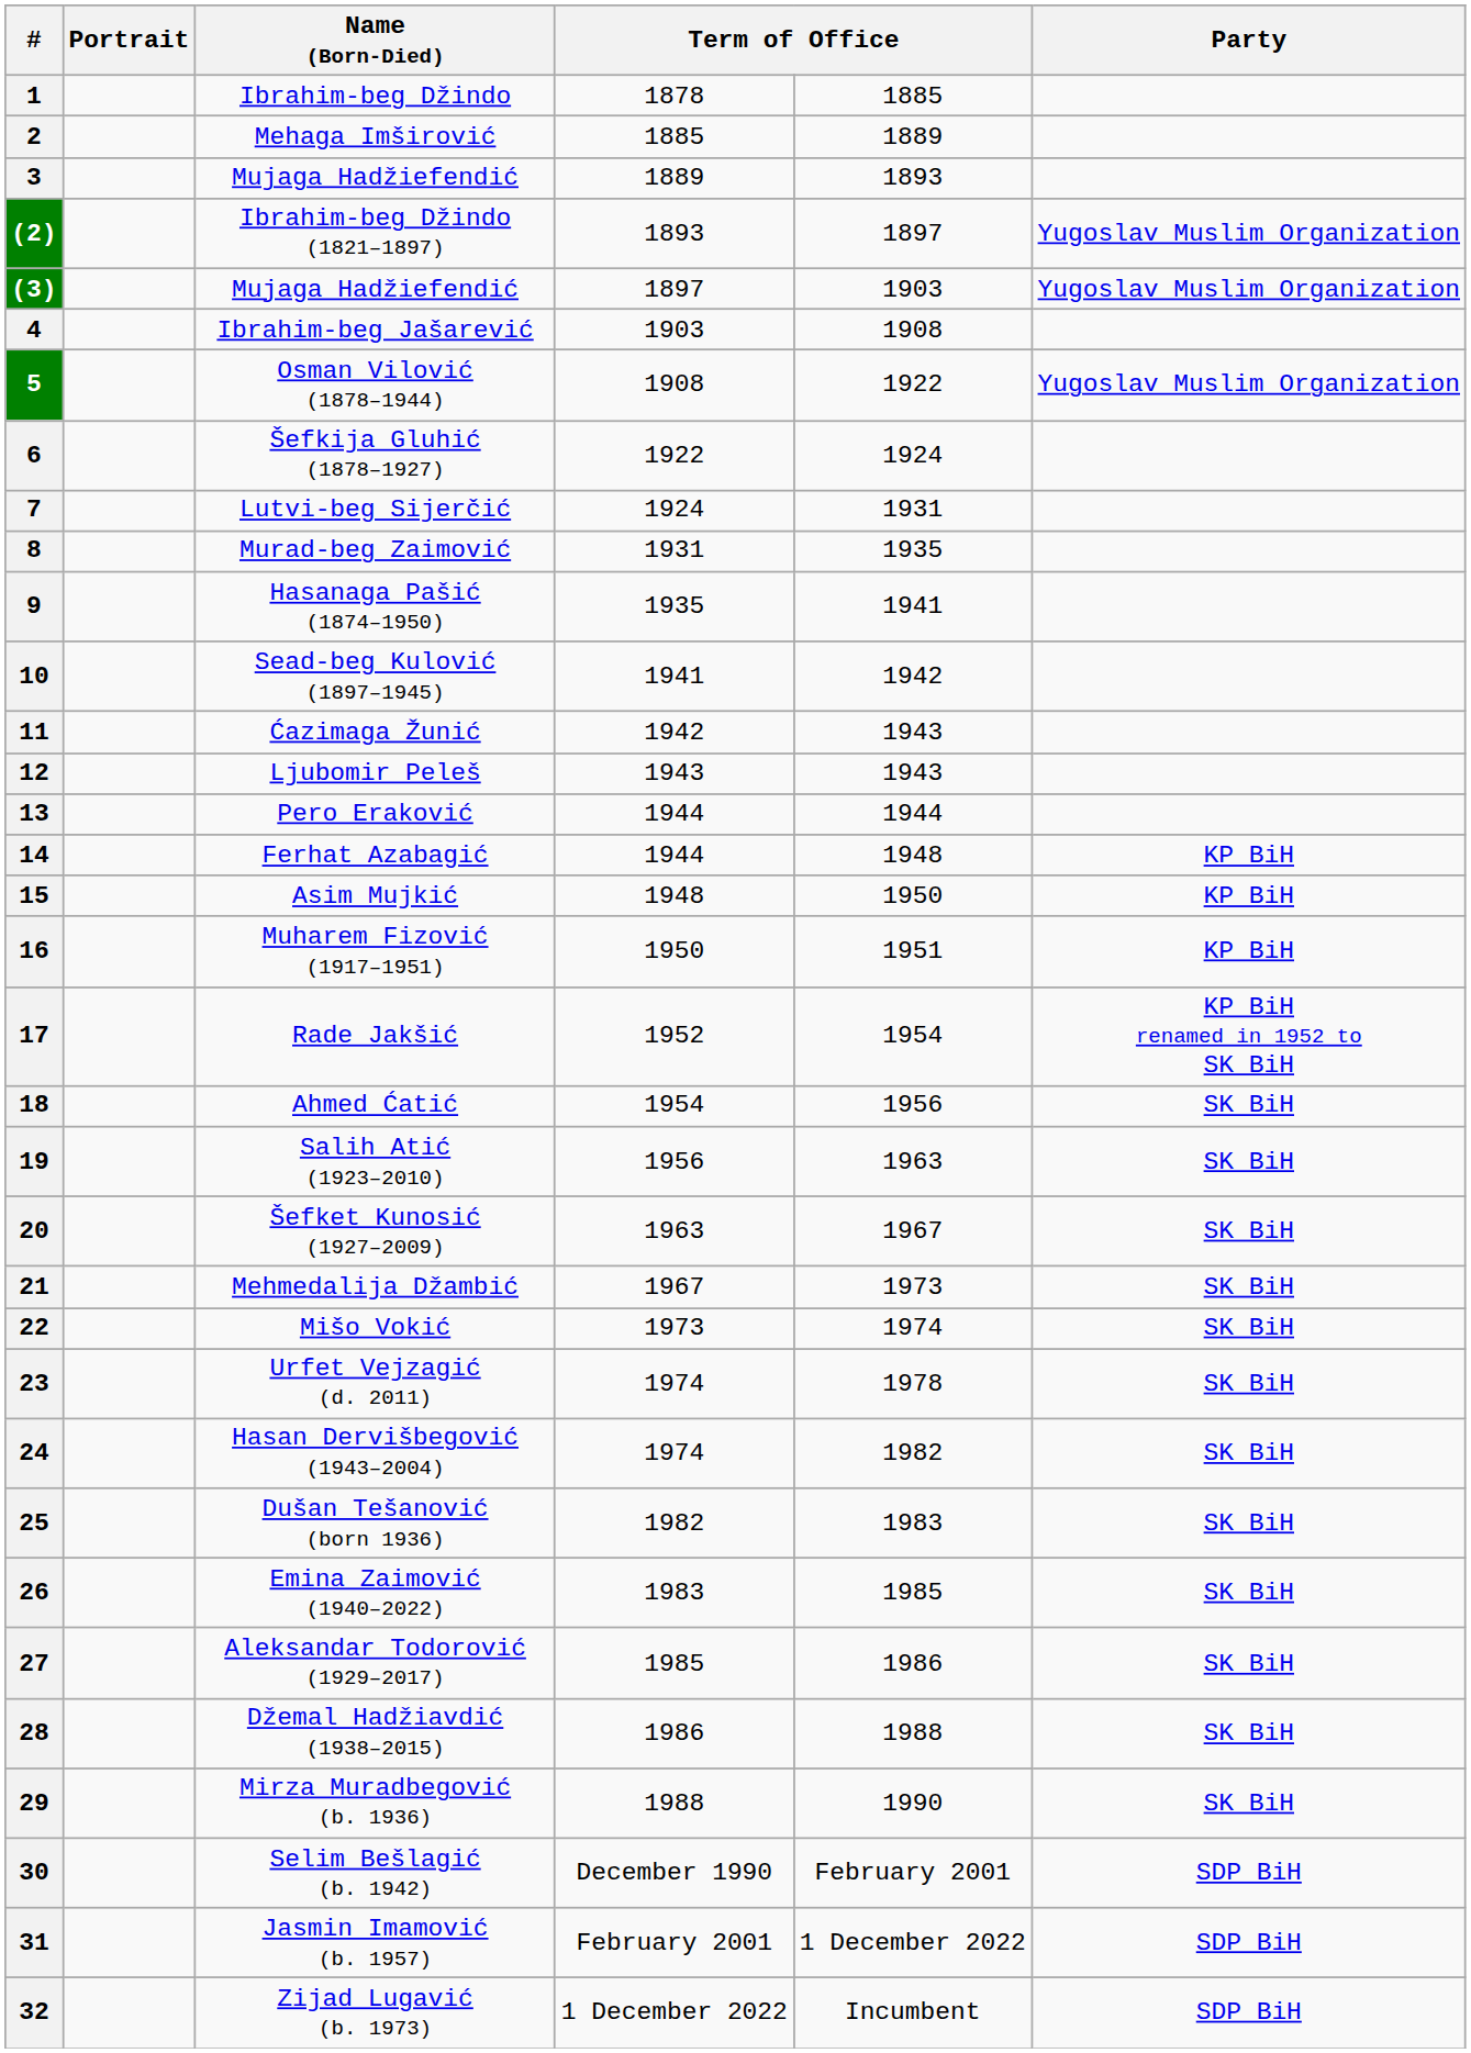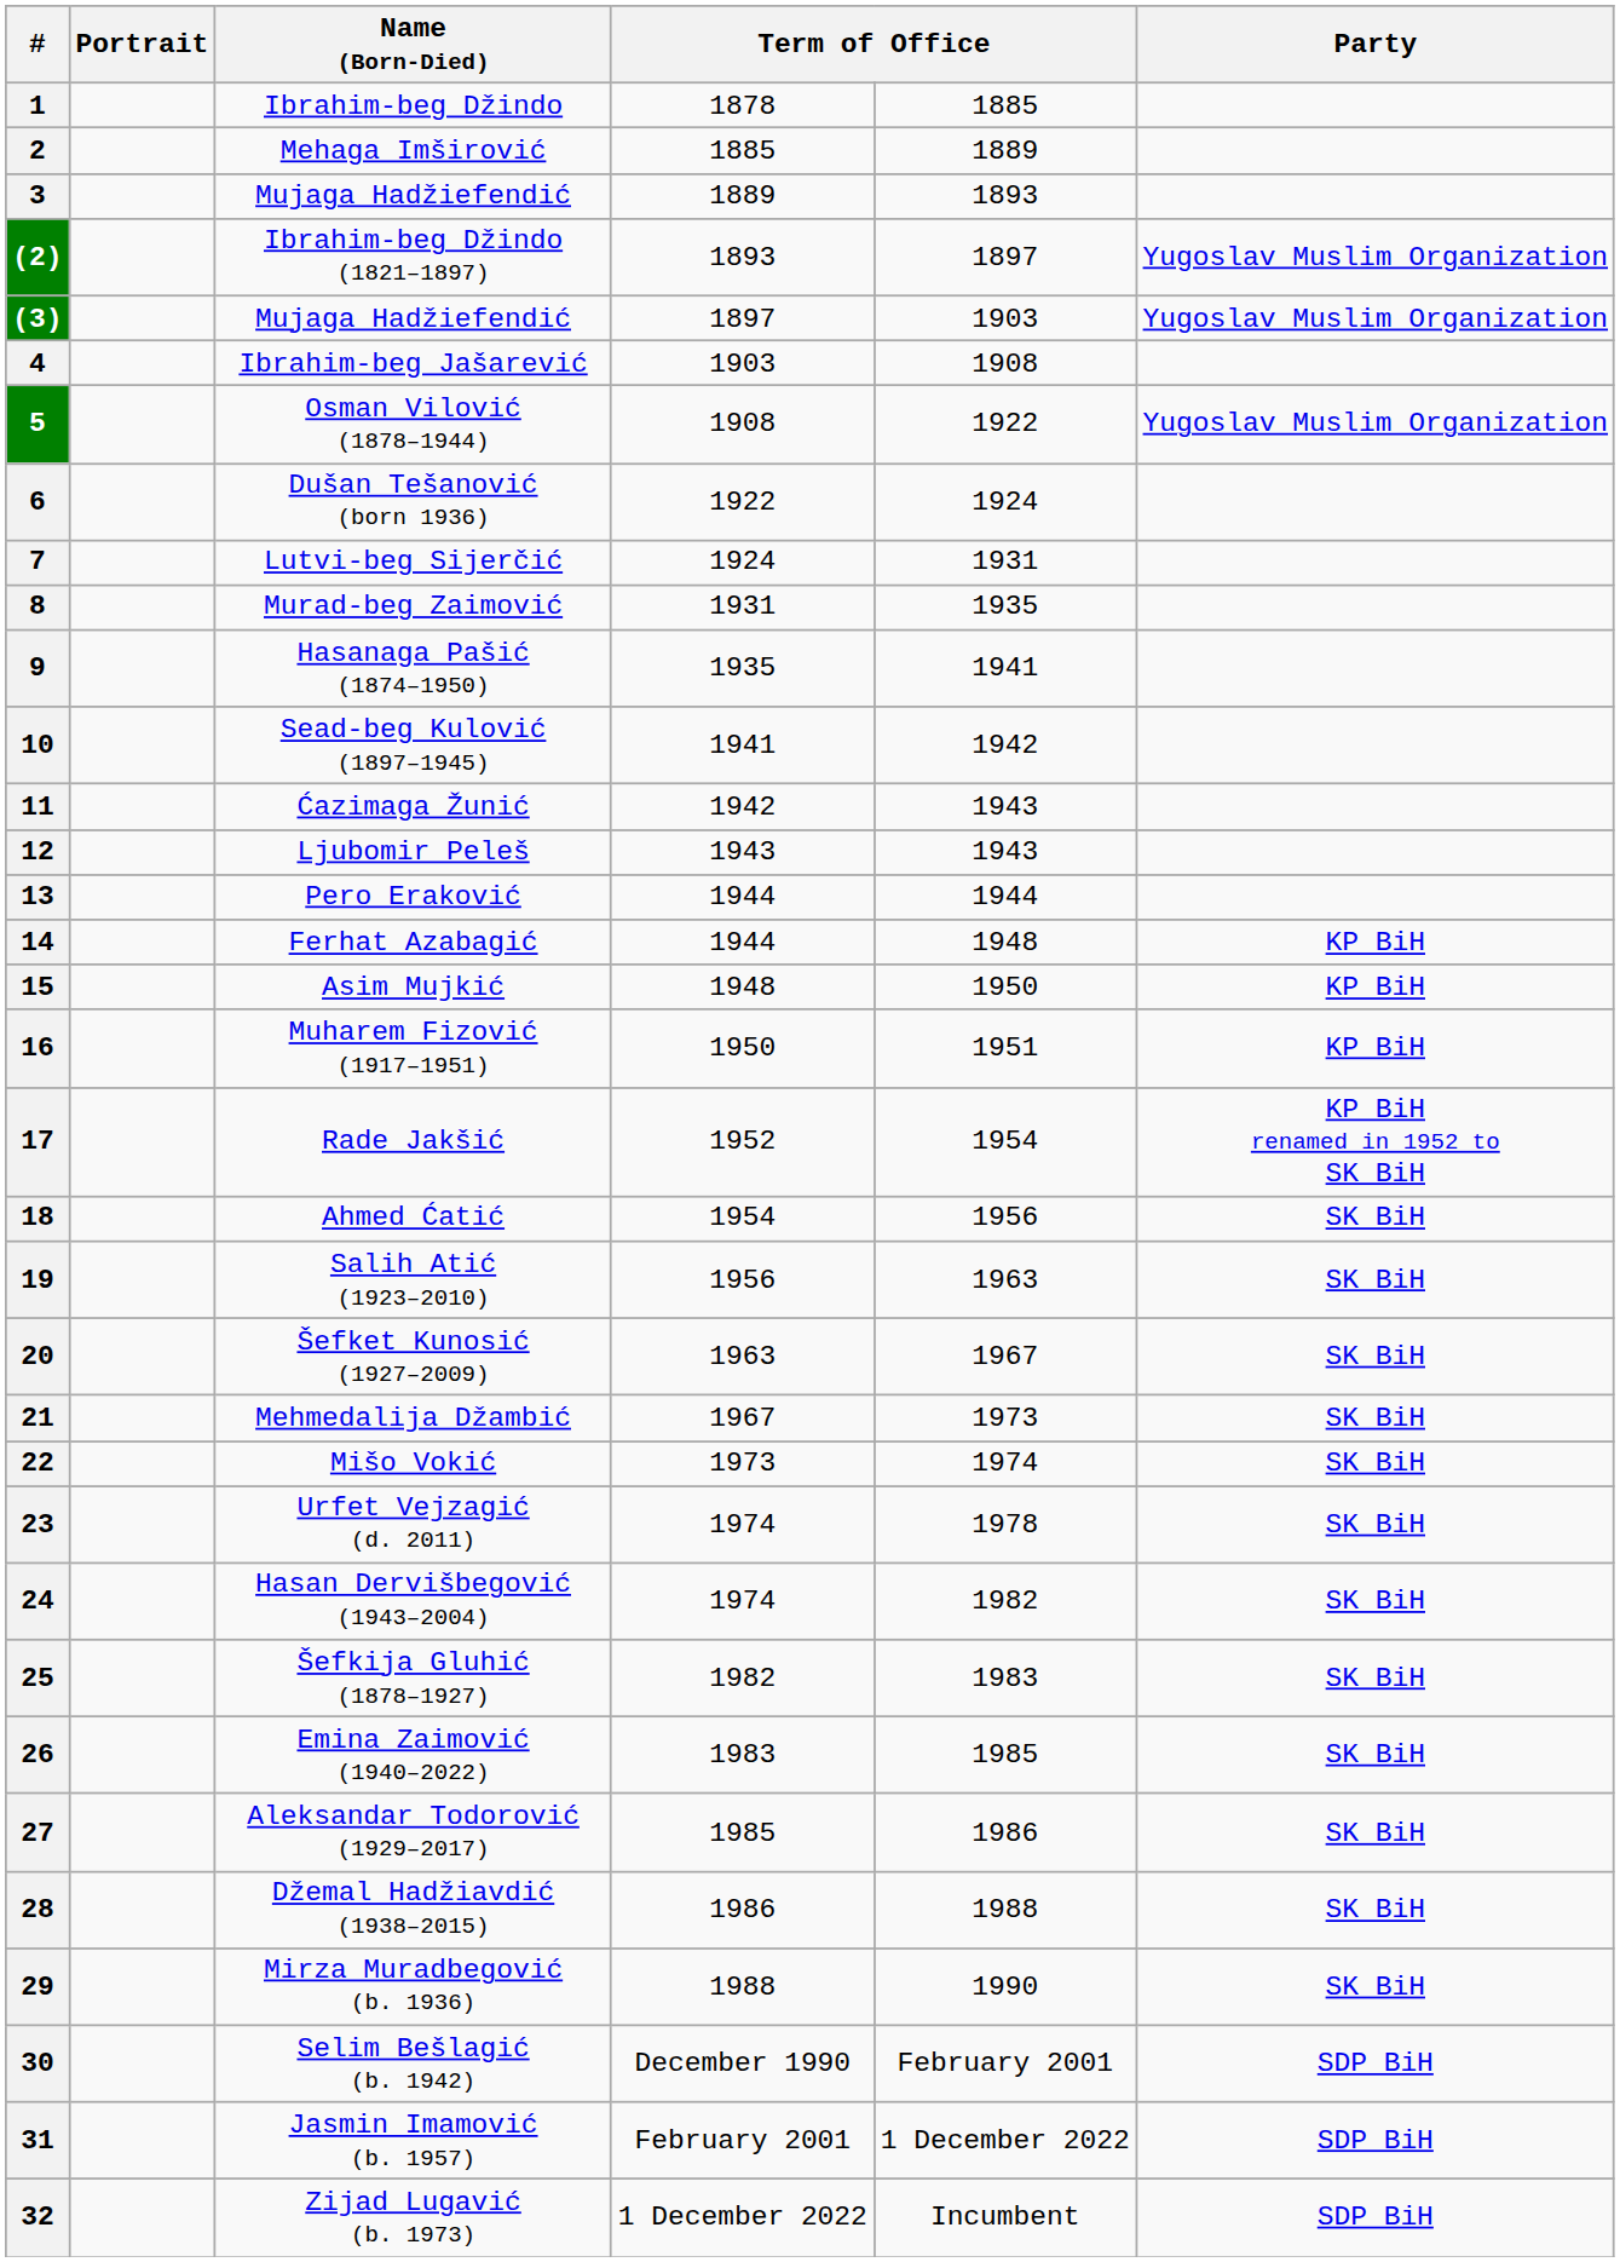 <table class="wikitable" style="text-align:center">
 <tr ->
 <th>#</th>
 <th>Portrait</th>
 <th width=180>Name<br><small>(Born-Died)</small></th>
 <th colspan=2>Term of Office</th>
 <th>Party</th>
 </tr>
 <tr ->
 <th>1</th>
 <td></td>
 <td><a href='#'>Ibrahim-beg Džindo</a></td>
 <td>1878</td>
 <td>1885</td>
 <td></td>
 </tr>
 <tr ->
 <th>2</th>
 <td></td>
 <td><a href='#'>Mehaga Imširović</a></td>
 <td>1885</td>
 <td>1889</td>
 <td></td>
 </tr>
 <tr ->
 <th>3</th>
 <td></td>
 <td><a href='#'>Mujaga Hadžiefendić</a></td>
 <td>1889</td>
 <td>1893</td>
 <td></td>
 </tr>
 <tr ->
 <th style="background:Green; color:white;">(2)</th>
 <td></td>
 <td><a href='#'>Ibrahim-beg Džindo</a><br><small>(1821–1897)</small></td>
 <td>1893</td>
 <td>1897</td>
 <td><a href='#'>Yugoslav Muslim Organization</a></td>
 </tr>
 <tr ->
 <th style="background:Green; color:white;">(3)</th>
 <td></td>
 <td><a href='#'>Mujaga Hadžiefendić</a></td>
 <td>1897</td>
 <td>1903</td>
 <td><a href='#'>Yugoslav Muslim Organization</a></td>
 </tr>
 <tr ->
 <th>4</th>
 <td></td>
 <td><a href='#'>Ibrahim-beg Jašarević</a></td>
 <td>1903</td>
 <td>1908</td>
 <td></td>
 </tr>
 <tr ->
 <th style="background:Green; color:white;">5</th>
 <td></td>
 <td><a href='#'>Osman Vilović</a><br><small>(1878–1944)</small></td>
 <td>1908</td>
 <td>1922</td>
 <td><a href='#'>Yugoslav Muslim Organization</a></td>
 </tr>
 <tr ->
 <th>6</th>
 <td></td>
-<td><a href='#'>Šefkija Gluhić</a><br><small>(1878–1927)</small></td>
+<td><a href='#'>Dušan Tešanović</a><br><small>(born 1936)</small></td>
 <td>1922</td>
 <td>1924</td>
 <td></td>
 </tr>
 <tr ->
 <th>7</th>
 <td></td>
 <td><a href='#'>Lutvi-beg Sijerčić</a></td>
 <td>1924</td>
 <td>1931</td>
 <td></td>
 </tr>
 <tr ->
 <th>8</th>
 <td></td>
 <td><a href='#'>Murad-beg Zaimović</a></td>
 <td>1931</td>
 <td>1935</td>
 <td></td>
 </tr>
 <tr ->
 <th>9</th>
 <td></td>
 <td><a href='#'>Hasanaga Pašić</a><br><small>(1874–1950)</small></td>
 <td>1935</td>
 <td>1941</td>
 <td></td>
 </tr>
 <tr ->
 <th>10</th>
 <td></td>
 <td><a href='#'>Sead-beg Kulović</a><br><small>(1897–1945)</small></td>
 <td>1941</td>
 <td>1942</td>
 <td></td>
 </tr>
 <tr ->
 <th>11</th>
 <td></td>
 <td><a href='#'>Ćazimaga Žunić</a></td>
 <td>1942</td>
 <td>1943</td>
 <td></td>
 </tr>
 <tr ->
 <th>12</th>
 <td></td>
 <td><a href='#'>Ljubomir Peleš</a></td>
 <td>1943</td>
 <td>1943</td>
 <td></td>
 </tr>
 <tr ->
 <th>13</th>
 <td></td>
 <td><a href='#'>Pero Eraković</a></td>
 <td>1944</td>
 <td>1944</td>
 <td></td>
 </tr>
 <tr ->
 <th style="background:">14</th>
 <td></td>
 <td><a href='#'>Ferhat Azabagić</a></td>
 <td>1944</td>
 <td>1948</td>
 <td><a href='#'>KP BiH</a></td>
 </tr>
 <tr ->
 <th style="background:">15</th>
 <td></td>
 <td><a href='#'>Asim Mujkić</a></td>
 <td>1948</td>
 <td>1950</td>
 <td><a href='#'>KP BiH</a></td>
 </tr>
 <tr ->
 <th style="background:">16</th>
 <td></td>
 <td><a href='#'>Muharem Fizović</a><br><small>(1917–1951)</small></td>
 <td>1950</td>
 <td>1951</td>
 <td><a href='#'>KP BiH</a></td>
 </tr>
 <tr ->
 <th style="background:">17</th>
 <td></td>
 <td><a href='#'>Rade Jakšić</a></td>
 <td>1952</td>
 <td>1954</td>
 <td><a href='#'>KP BiH<br><small>renamed in 1952 to</small><br>SK BiH</a></td>
 </tr>
 <tr ->
 <th style="background:">18</th>
 <td></td>
 <td><a href='#'>Ahmed Ćatić</a></td>
 <td>1954</td>
 <td>1956</td>
 <td><a href='#'>SK BiH</a></td>
 </tr>
 <tr ->
 <th style="background:">19</th>
 <td></td>
 <td><a href='#'>Salih Atić</a><br><small>(1923–2010)</small></td>
 <td>1956</td>
 <td>1963</td>
 <td><a href='#'>SK BiH</a></td>
 </tr>
 <tr ->
 <th style="background:">20</th>
 <td></td>
 <td><a href='#'>Šefket Kunosić</a><br><small>(1927–2009)</small></td>
 <td>1963</td>
 <td>1967</td>
 <td><a href='#'>SK BiH</a></td>
 </tr>
 <tr ->
 <th style="background:">21</th>
 <td></td>
 <td><a href='#'>Mehmedalija Džambić</a></td>
 <td>1967</td>
 <td>1973</td>
 <td><a href='#'>SK BiH</a></td>
 </tr>
 <tr ->
 <th style="background:">22</th>
 <td></td>
 <td><a href='#'>Mišo Vokić</a></td>
 <td>1973</td>
 <td>1974</td>
 <td><a href='#'>SK BiH</a></td>
 </tr>
 <tr ->
 <th style="background:">23</th>
 <td></td>
 <td><a href='#'>Urfet Vejzagić</a><br><small>(d. 2011)</small></td>
 <td>1974</td>
 <td>1978</td>
 <td><a href='#'>SK BiH</a></td>
 </tr>
 <tr ->
 <th style="background:">24</th>
 <td></td>
 <td><a href='#'>Hasan Dervišbegović</a><br><small>(1943–2004)</small></td>
 <td>1974</td>
 <td>1982</td>
 <td><a href='#'>SK BiH</a></td>
 </tr>
 <tr ->
 <th style="background:">25</th>
 <td></td>
-<td><a href='#'>Dušan Tešanović</a><br><small>(born 1936)</small></td>
+<td><a href='#'>Šefkija Gluhić</a><br><small>(1878–1927)</small></td>
 <td>1982</td>
 <td>1983</td>
 <td><a href='#'>SK BiH</a></td>
 </tr>
 <tr ->
 <th style="background:">26</th>
 <td></td>
 <td><a href='#'>Emina Zaimović</a><br><small>(1940–2022)</small></td>
 <td>1983</td>
 <td>1985</td>
 <td><a href='#'>SK BiH</a></td>
 </tr>
 <tr ->
 <th style="background:">27</th>
 <td></td>
 <td><a href='#'>Aleksandar Todorović</a><br><small>(1929–2017)</small></td>
 <td>1985</td>
 <td>1986</td>
 <td><a href='#'>SK BiH</a></td>
 </tr>
 <tr ->
 <th style="background:">28</th>
 <td></td>
 <td><a href='#'>Džemal Hadžiavdić</a><br><small>(1938–2015)</small></td>
 <td>1986</td>
 <td>1988</td>
 <td><a href='#'>SK BiH</a></td>
 </tr>
 <tr ->
 <th style="background:">29</th>
 <td></td>
 <td><a href='#'>Mirza Muradbegović</a><br><small>(b. 1936)</small></td>
 <td>1988</td>
 <td>1990</td>
 <td><a href='#'>SK BiH</a></td>
 </tr>
 <tr ->
 <th style="background:">30</th>
 <td></td>
 <td><a href='#'>Selim Bešlagić</a><br><small>(b. 1942)</small></td>
 <td>December 1990</td>
 <td>February 2001</td>
 <td><a href='#'>SDP BiH</a></td>
 </tr>
 <tr ->
 <th style="background:">31</th>
 <td></td>
 <td><a href='#'>Jasmin Imamović</a><br><small>(b. 1957)</small></td>
 <td>February 2001</td>
 <td>1 December 2022</td>
 <td><a href='#'>SDP BiH</a></td>
 </tr>
 <tr ->
 <th style="background:">32</th>
 <td></td>
 <td><a href='#'>Zijad Lugavić</a><br><small>(b. 1973)</small></td>
 <td>1 December 2022</td>
 <td>Incumbent</td>
 <td><a href='#'>SDP BiH</a></td>
 </tr>
 </table>
